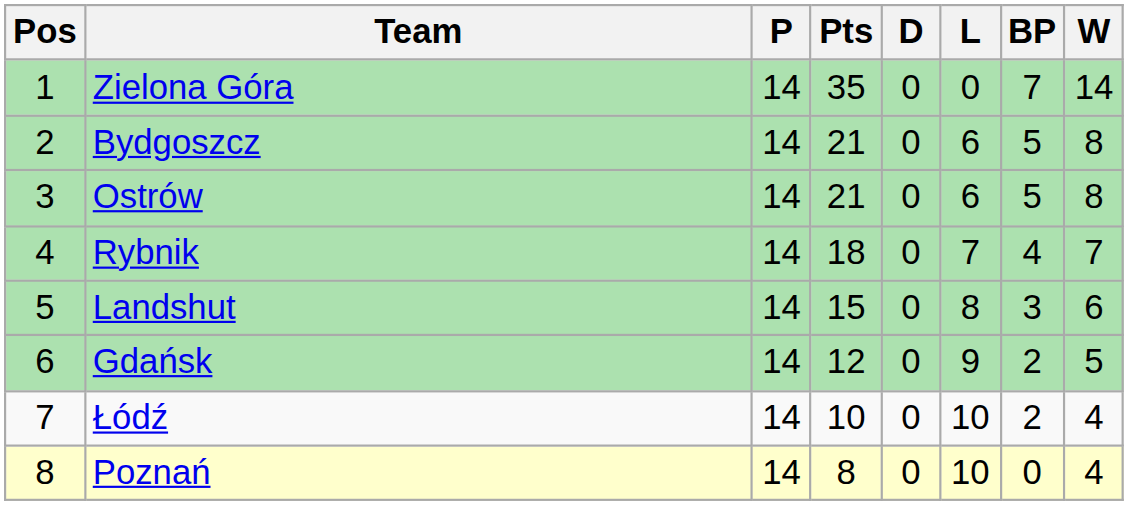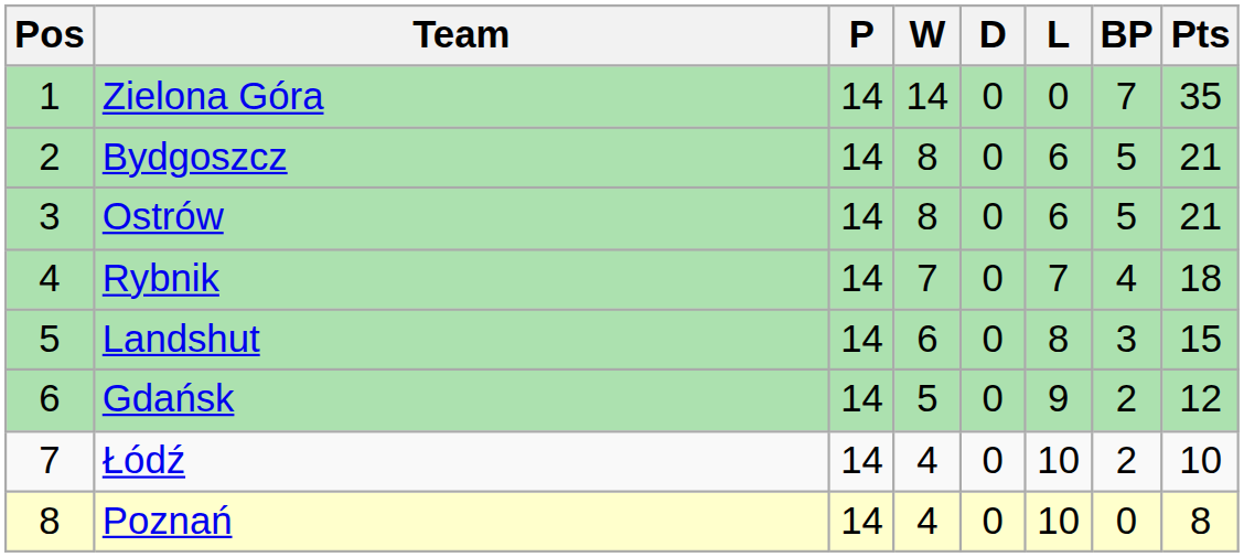 <table class="wikitable" style="font-size: 100%">
 <tr>
 <th width=20>Pos</th>
 <th width=300>Team</th>
 <th width=20>P</th>
-<th width=20>Pts</th>
+<th width=20>W</th>
 <th width=20>D</th>
 <th width=20>L</th>
 <th width=20>BP</th>
-<th width=20>W</th>
+<th width=20>Pts</th>
 </tr>
 <tr align=center style="background:#ACE1AF;">
 <td>1</td>
 <td align="left"><a href='#'>Zielona Góra</a></td>
 <td>14</td>
-<td>35</td>
+<td>14</td>
 <td>0</td>
 <td>0</td>
 <td>7</td>
-<td>14</td>
+<td>35</td>
 </tr>
 <tr align=center style="background:#ACE1AF;">
 <td>2</td>
 <td align="left"><a href='#'>Bydgoszcz</a></td>
 <td>14</td>
-<td>21</td>
+<td>8</td>
 <td>0</td>
 <td>6</td>
 <td>5</td>
-<td>8</td>
+<td>21</td>
 </tr>
 <tr align=center style="background:#ACE1AF;">
 <td>3</td>
 <td align="left"><a href='#'>Ostrów</a></td>
 <td>14</td>
-<td>21</td>
+<td>8</td>
 <td>0</td>
 <td>6</td>
 <td>5</td>
-<td>8</td>
+<td>21</td>
 </tr>
 <tr align=center style="background:#ACE1AF;">
 <td>4</td>
 <td align="left"><a href='#'>Rybnik</a></td>
 <td>14</td>
-<td>18</td>
+<td>7</td>
 <td>0</td>
 <td>7</td>
 <td>4</td>
-<td>7</td>
+<td>18</td>
 </tr>
 <tr align=center style="background:#ACE1AF;">
 <td>5</td>
 <td align="left"><a href='#'>Landshut</a> </td>
 <td>14</td>
-<td>15</td>
+<td>6</td>
 <td>0</td>
 <td>8</td>
 <td>3</td>
-<td>6</td>
+<td>15</td>
 </tr>
 <tr align=center style="background:#ACE1AF;">
 <td>6</td>
 <td align="left"><a href='#'>Gdańsk</a></td>
 <td>14</td>
-<td>12</td>
+<td>5</td>
 <td>0</td>
 <td>9</td>
 <td>2</td>
-<td>5</td>
+<td>12</td>
 </tr>
 <tr align=center>
 <td>7</td>
 <td align="left"><a href='#'>Łódź</a></td>
 <td>14</td>
-<td>10</td>
+<td>4</td>
 <td>0</td>
 <td>10</td>
 <td>2</td>
-<td>4</td>
+<td>10</td>
 </tr>
 <tr align=center style="background: #ffffcc;">
 <td>8</td>
 <td align="left"><a href='#'>Poznań</a></td>
 <td>14</td>
-<td>8</td>
+<td>4</td>
 <td>0</td>
 <td>10</td>
 <td>0</td>
-<td>4</td>
+<td>8</td>
 </tr>
 </table>
